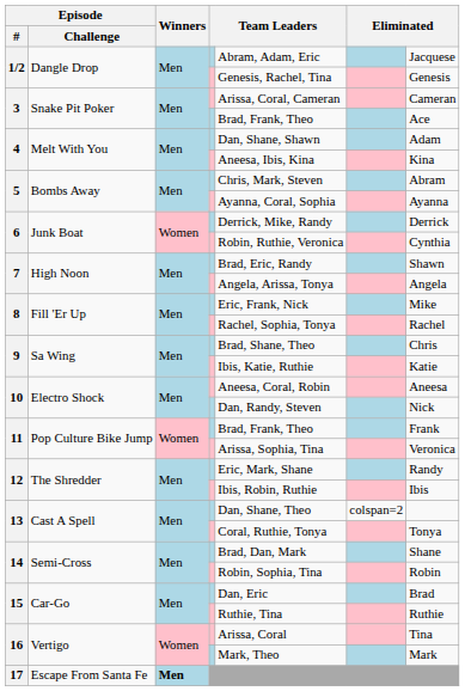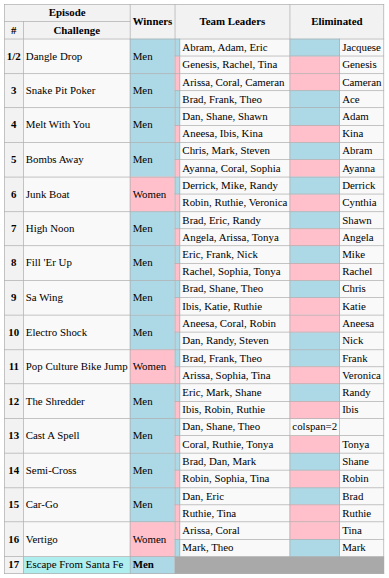 <table class="wikitable" style="font-size:100%; white-space:nowrap;">
 <tr>
 <th colspan=2>Episode</th>
 <th rowspan=2>Winners</th>
 <th rowspan=2 colspan=2>Team Leaders</th>
 <th rowspan=2 colspan=2>Eliminated</th>
 </tr>
 <tr>
 <th>#</th>
 <th>Challenge</th>
 </tr>
 <tr>
 <th rowspan=2>1/2</th>
 <td rowspan=2>Dangle Drop</td>
 <td bgcolor="lightblue"rowspan=2>Men</td>
 <td bgcolor="lightblue"></td>
 <td>Abram, Adam, Eric</td>
 <td bgcolor="lightblue"></td>
 <td>Jacquese</td>
 </tr>
 <tr>
 <td bgcolor="pink"></td>
 <td>Genesis, Rachel, Tina</td>
 <td bgcolor="pink"></td>
 <td>Genesis</td>
 </tr>
 <tr>
 <th rowspan=2>3</th>
 <td rowspan=2>Snake Pit Poker</td>
 <td bgcolor="lightblue" rowspan=2>Men</td>
 <td bgcolor="pink"></td>
 <td>Arissa, Coral, Cameran</td>
 <td bgcolor="pink"></td>
 <td>Cameran</td>
 </tr>
 <tr>
 <td bgcolor="lightblue"></td>
 <td>Brad, Frank, Theo</td>
 <td bgcolor="lightblue"></td>
 <td>Ace</td>
 </tr>
 <tr>
 <th rowspan=2>4</th>
 <td rowspan=2>Melt With You</td>
 <td bgcolor="lightblue" rowspan=2>Men</td>
 <td bgcolor="lightblue"></td>
 <td>Dan, Shane, Shawn</td>
 <td bgcolor="lightblue"></td>
 <td>Adam</td>
 </tr>
 <tr>
 <td bgcolor="pink"></td>
 <td>Aneesa, Ibis, Kina</td>
 <td bgcolor="pink"></td>
 <td>Kina</td>
 </tr>
 <tr>
 <th rowspan=2>5</th>
 <td rowspan=2>Bombs Away</td>
 <td bgcolor="lightblue" rowspan=2>Men</td>
 <td bgcolor="lightblue"></td>
 <td>Chris, Mark, Steven</td>
 <td bgcolor="lightblue"></td>
 <td>Abram</td>
 </tr>
 <tr>
 <td bgcolor="pink"></td>
 <td>Ayanna, Coral, Sophia</td>
 <td bgcolor="pink"></td>
 <td>Ayanna</td>
 </tr>
 <tr>
 <th rowspan=2>6</th>
 <td rowspan=2>Junk Boat</td>
 <td bgcolor="pink" rowspan=2>Women</td>
 <td bgcolor="lightblue"></td>
 <td>Derrick, Mike, Randy</td>
 <td bgcolor="lightblue"></td>
 <td>Derrick</td>
 </tr>
 <tr>
 <td bgcolor="pink"></td>
 <td>Robin, Ruthie, Veronica</td>
 <td bgcolor="pink"></td>
 <td>Cynthia</td>
 </tr>
 <tr>
 <th rowspan=2>7</th>
 <td rowspan=2>High Noon</td>
 <td bgcolor="lightblue" rowspan=2>Men</td>
 <td bgcolor="lightblue"></td>
 <td>Brad, Eric, Randy</td>
 <td bgcolor="lightblue"></td>
 <td>Shawn</td>
 </tr>
 <tr>
 <td bgcolor="pink"></td>
 <td>Angela, Arissa, Tonya</td>
 <td bgcolor="pink"></td>
 <td>Angela</td>
 </tr>
 <tr>
 <th rowspan=2>8</th>
 <td rowspan=2>Fill 'Er Up</td>
 <td bgcolor="lightblue" rowspan=2>Men</td>
 <td bgcolor="lightblue"></td>
 <td>Eric, Frank, Nick</td>
 <td bgcolor="lightblue"></td>
 <td>Mike</td>
 </tr>
 <tr>
 <td bgcolor="pink"></td>
 <td>Rachel, Sophia, Tonya</td>
 <td bgcolor="pink"></td>
 <td>Rachel</td>
 </tr>
 <tr>
 <th rowspan=2>9</th>
 <td rowspan=2>Sa Wing</td>
 <td bgcolor="lightblue" rowspan=2>Men</td>
 <td bgcolor="lightblue"></td>
 <td>Brad, Shane, Theo</td>
 <td bgcolor="lightblue"></td>
 <td>Chris</td>
 </tr>
 <tr>
 <td bgcolor="pink"></td>
 <td>Ibis, Katie, Ruthie</td>
 <td bgcolor="pink"></td>
 <td>Katie</td>
 </tr>
 <tr>
 <th rowspan=2>10</th>
 <td rowspan=2>Electro Shock</td>
 <td bgcolor="lightblue" rowspan=2>Men</td>
 <td bgcolor="pink"></td>
 <td>Aneesa, Coral, Robin</td>
 <td bgcolor="pink"></td>
 <td>Aneesa</td>
 </tr>
 <tr>
 <td bgcolor="lightblue"></td>
 <td>Dan, Randy, Steven</td>
 <td bgcolor="lightblue"></td>
 <td>Nick</td>
 </tr>
 <tr>
 <th rowspan=2>11</th>
 <td rowspan=2>Pop Culture Bike Jump</td>
 <td bgcolor="pink" rowspan=2>Women</td>
 <td bgcolor="lightblue"></td>
 <td>Brad, Frank, Theo</td>
 <td bgcolor="lightblue"></td>
 <td>Frank</td>
 </tr>
 <tr>
 <td bgcolor="pink"></td>
 <td>Arissa, Sophia, Tina</td>
 <td bgcolor="pink"></td>
 <td>Veronica</td>
 </tr>
 <tr>
 <th rowspan=2>12</th>
 <td rowspan=2>The Shredder</td>
 <td bgcolor="lightblue" rowspan=2>Men</td>
 <td bgcolor="lightblue"></td>
 <td>Eric, Mark, Shane</td>
 <td bgcolor="lightblue"></td>
 <td>Randy</td>
 </tr>
 <tr>
 <td bgcolor="pink"></td>
 <td>Ibis, Robin, Ruthie</td>
 <td bgcolor="pink"></td>
 <td>Ibis</td>
 </tr>
 <tr>
 <th rowspan=2>13</th>
 <td rowspan=2>Cast A Spell</td>
 <td bgcolor="lightblue" rowspan=2>Men</td>
 <td bgcolor="lightblue"></td>
 <td>Dan, Shane, Theo</td>
 <td>colspan=2 </td>
 </tr>
 <tr>
 <td bgcolor="pink"></td>
 <td>Coral, Ruthie, Tonya</td>
 <td bgcolor="pink"></td>
 <td>Tonya</td>
 </tr>
 <tr>
 <th rowspan=2>14</th>
 <td rowspan=2>Semi-Cross</td>
 <td bgcolor="lightblue" rowspan=2>Men</td>
 <td bgcolor="lightblue"></td>
 <td>Brad, Dan, Mark</td>
 <td bgcolor="lightblue"></td>
 <td>Shane</td>
 </tr>
 <tr>
 <td bgcolor="pink"></td>
 <td>Robin, Sophia, Tina</td>
 <td bgcolor="pink"></td>
 <td>Robin</td>
 </tr>
 <tr>
 <th rowspan=2>15</th>
 <td rowspan=2>Car-Go</td>
 <td bgcolor="lightblue" rowspan=2>Men</td>
 <td bgcolor="lightblue"></td>
 <td>Dan, Eric</td>
 <td bgcolor="lightblue"></td>
 <td>Brad</td>
 </tr>
 <tr>
 <td bgcolor="pink"></td>
 <td>Ruthie, Tina</td>
 <td bgcolor="pink"></td>
 <td>Ruthie</td>
 </tr>
 <tr>
 <th rowspan=2>16</th>
 <td rowspan=2>Vertigo</td>
 <td bgcolor="pink" rowspan=2>Women</td>
 <td bgcolor="pink"></td>
 <td>Arissa, Coral</td>
 <td bgcolor="pink"></td>
 <td>Tina</td>
 </tr>
 <tr>
 <td bgcolor="lightblue"></td>
 <td>Mark, Theo</td>
 <td bgcolor="lightblue"></td>
 <td>Mark</td>
 </tr>
 <tr>
 <th>17</th>
-<td>Escape From Santa Fe</td>
+<td style="background: paleturquoise;">Escape From Santa Fe</td>
 <td bgcolor="lightblue" rowspan=2><strong>Men</strong></td>
 <td bgcolor="darkgray" colspan=4></td>
 </tr>
 </table>
